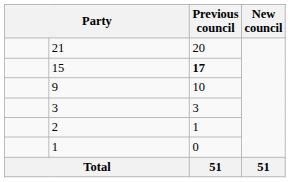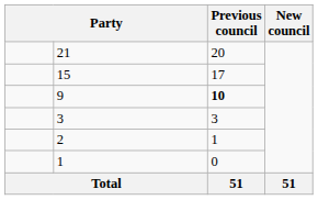 <table class="wikitable">
 <tr>
 <th valign=centre colspan="2" style="width: 230px">Party</th>
 <th valign=top style="width: 30px">Previous council</th>
 <th valign=top style="width: 30px">New council</th>
 </tr>
 <tr>
 <td></td>
 <td>21</td>
 <td>20</td>
 </tr>
 <tr>
 <td></td>
 <td>15</td>
-<td><strong>17</strong></td>
+<td>17</td>
 </tr>
 <tr>
 <td></td>
 <td>9</td>
-<td>10</td>
+<td><strong>10</strong></td>
 </tr>
 <tr>
 <td></td>
 <td>3</td>
 <td>3</td>
 </tr>
 <tr>
 <td></td>
 <td>2</td>
 <td>1</td>
 </tr>
 <tr>
 <td></td>
 <td>1</td>
 <td>0</td>
 </tr>
 <tr>
 <th colspan=2>Total</th>
 <th style="text-align: center">51</th>
 <th colspan=3>51</th>
 </tr>
 </table>
